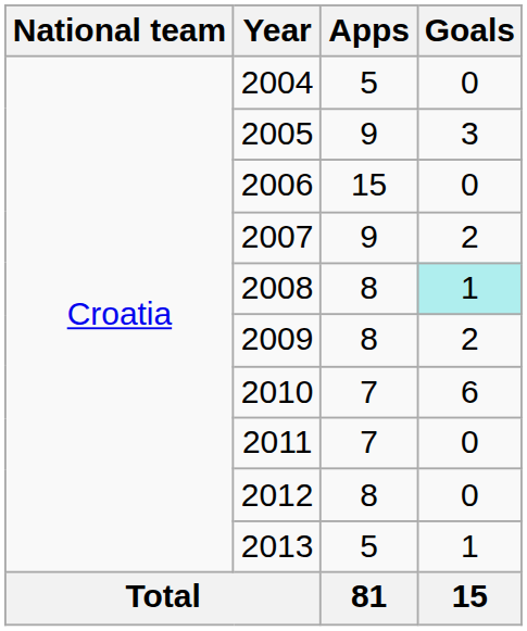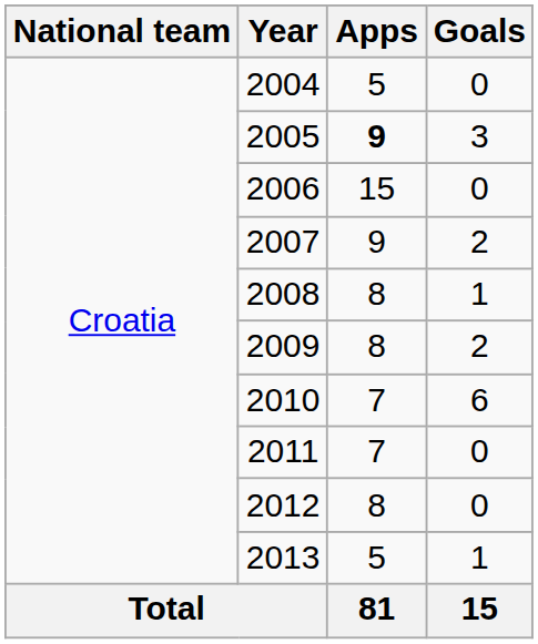 <table class="wikitable" style="text-align:center">
 <tr>
 <th>National team</th>
 <th>Year</th>
 <th>Apps</th>
 <th>Goals</th>
 </tr>
 <tr>
 <td rowspan="10"><a href='#'>Croatia</a></td>
 <td>2004</td>
 <td>5</td>
 <td>0</td>
 </tr>
 <tr>
 <td>2005</td>
-<td>9</td>
+<td><strong>9</strong></td>
 <td>3</td>
 </tr>
 <tr>
 <td>2006</td>
 <td>15</td>
 <td>0</td>
 </tr>
 <tr>
 <td>2007</td>
 <td>9</td>
 <td>2</td>
 </tr>
 <tr>
 <td>2008</td>
 <td>8</td>
-<td style="background: paleturquoise;">1</td>
+<td>1</td>
 </tr>
 <tr>
 <td>2009</td>
 <td>8</td>
 <td>2</td>
 </tr>
 <tr>
 <td>2010</td>
 <td>7</td>
 <td>6</td>
 </tr>
 <tr>
 <td>2011</td>
 <td>7</td>
 <td>0</td>
 </tr>
 <tr>
 <td>2012</td>
 <td>8</td>
 <td>0</td>
 </tr>
 <tr>
 <td>2013</td>
 <td>5</td>
 <td>1</td>
 </tr>
 <tr>
 <th colspan="2">Total</th>
 <th>81</th>
 <th>15</th>
 </tr>
 </table>
